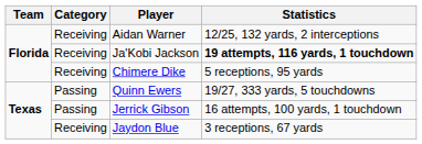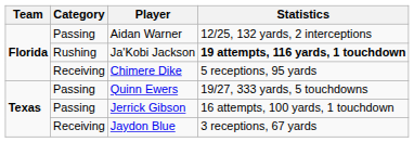 <table class="wikitable" style="float: right;">
 <tr>
 <th>Team</th>
 <th>Category</th>
 <th>Player</th>
 <th>Statistics</th>
 </tr>
 <tr>
 <td rowspan=3><strong>Florida</strong></td>
-<td>Receiving</td>
+<td>Passing</td>
 <td>Aidan Warner</td>
 <td>12/25, 132 yards, 2 interceptions</td>
 </tr>
 <tr>
-<td>Receiving</td>
+<td>Rushing</td>
 <td>Ja'Kobi Jackson</td>
 <td><strong>19 attempts, 116 yards, 1 touchdown</strong></td>
 </tr>
 <tr>
 <td>Receiving</td>
 <td><a href='#'>Chimere Dike</a></td>
 <td>5 receptions, 95 yards</td>
 </tr>
 <tr>
 <td rowspan=3><strong>Texas</strong></td>
 <td>Passing</td>
 <td><a href='#'>Quinn Ewers</a></td>
 <td>19/27, 333 yards, 5 touchdowns</td>
 </tr>
 <tr>
 <td>Passing</td>
 <td><a href='#'>Jerrick Gibson</a></td>
 <td>16 attempts, 100 yards, 1 touchdown</td>
 </tr>
 <tr>
 <td>Receiving</td>
 <td><a href='#'>Jaydon Blue</a></td>
 <td>3 receptions, 67 yards</td>
 </tr>
 </table>
